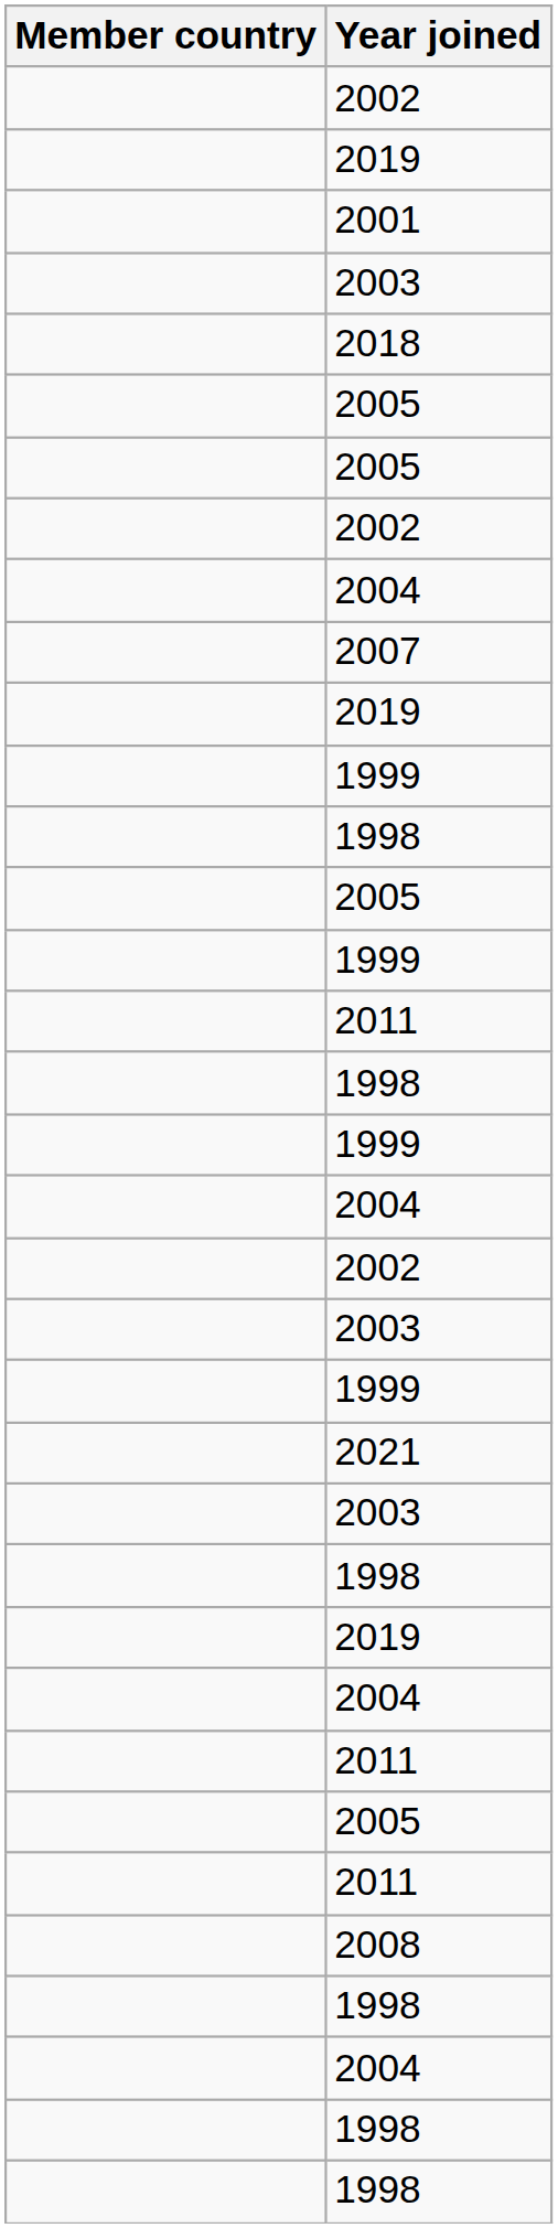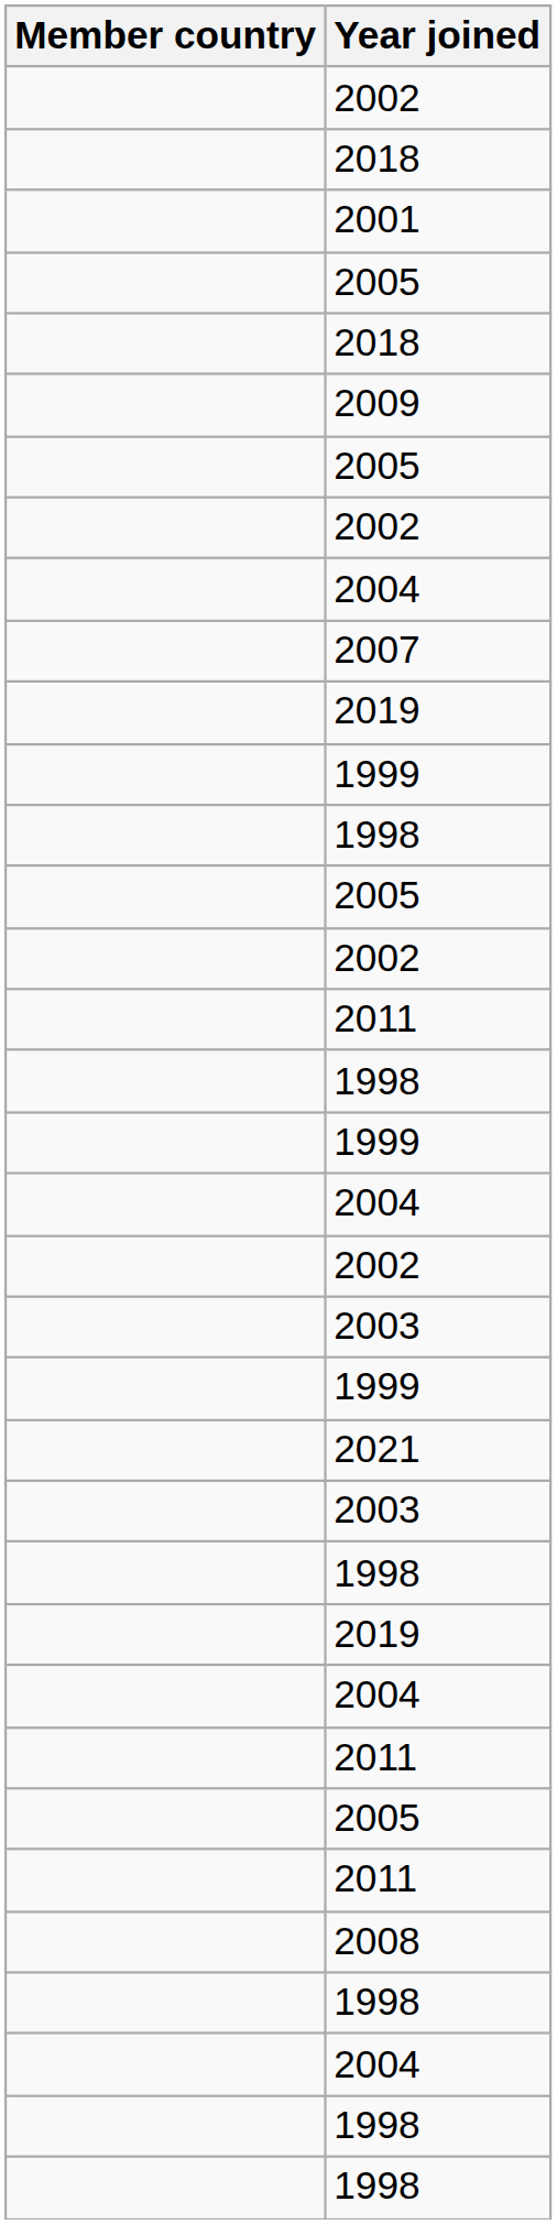 <table class="wikitable sortable">
 <tr>
 <th>Member country</th>
 <th>Year joined</th>
 </tr>
 <tr>
 <td></td>
 <td>2002</td>
 </tr>
 <tr>
 <td></td>
-<td>2019</td>
+<td>2018</td>
 </tr>
 <tr>
 <td></td>
 <td>2001</td>
 </tr>
 <tr>
 <td></td>
-<td>2003</td>
+<td>2005</td>
 </tr>
 <tr>
 <td></td>
 <td>2018</td>
 </tr>
 <tr>
 <td></td>
-<td>2005</td>
+<td>2009</td>
 </tr>
 <tr>
 <td></td>
 <td>2005</td>
 </tr>
 <tr>
 <td></td>
 <td>2002</td>
 </tr>
 <tr>
 <td></td>
 <td>2004</td>
 </tr>
 <tr>
 <td></td>
 <td>2007</td>
 </tr>
 <tr>
 <td></td>
 <td>2019</td>
 </tr>
 <tr>
 <td></td>
 <td>1999</td>
 </tr>
 <tr>
 <td></td>
 <td>1998</td>
 </tr>
 <tr>
 <td></td>
 <td>2005</td>
 </tr>
 <tr>
 <td></td>
-<td>1999</td>
+<td>2002</td>
 </tr>
 <tr>
 <td></td>
 <td>2011</td>
 </tr>
 <tr>
 <td></td>
 <td>1998</td>
 </tr>
 <tr>
 <td></td>
 <td>1999</td>
 </tr>
 <tr>
 <td></td>
 <td>2004</td>
 </tr>
 <tr>
 <td></td>
 <td>2002</td>
 </tr>
 <tr>
 <td></td>
 <td>2003</td>
 </tr>
 <tr>
 <td></td>
 <td>1999</td>
 </tr>
 <tr>
 <td></td>
 <td>2021</td>
 </tr>
 <tr>
 <td></td>
 <td>2003</td>
 </tr>
 <tr>
 <td></td>
 <td>1998</td>
 </tr>
 <tr>
 <td></td>
 <td>2019</td>
 </tr>
 <tr>
 <td></td>
 <td>2004</td>
 </tr>
 <tr>
 <td></td>
 <td>2011</td>
 </tr>
 <tr>
 <td></td>
 <td>2005</td>
 </tr>
 <tr>
 <td></td>
 <td>2011</td>
 </tr>
 <tr>
 <td></td>
 <td>2008</td>
 </tr>
 <tr>
 <td></td>
 <td>1998</td>
 </tr>
 <tr>
 <td></td>
 <td>2004</td>
 </tr>
 <tr>
 <td></td>
 <td>1998</td>
 </tr>
 <tr>
 <td></td>
 <td>1998</td>
 </tr>
 </table>
